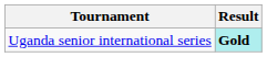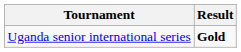 <table class="wikitable">
 <tr>
 <th>Tournament</th>
 <th>Result</th>
 </tr>
 <tr>
 <td><a href='#'>Uganda senior international series</a></td>
-<td style="background: paleturquoise;"> <strong>Gold</strong></td>
+<td> <strong>Gold</strong></td>
 </tr>
 </table>
